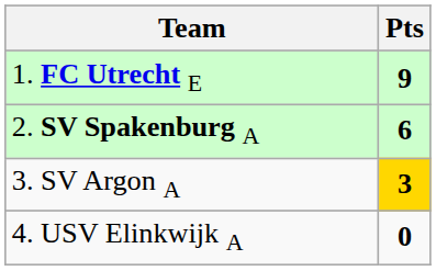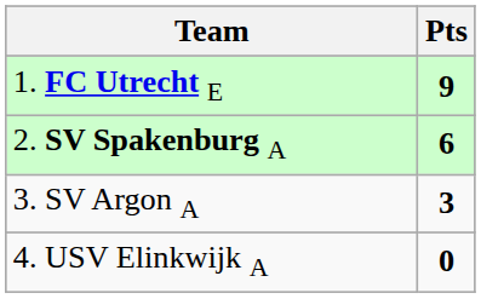 <table class="wikitable" style="text-align:center; float:left; margin-right:1em">
 <tr>
 <th style="width:200px">Team</th>
 <th width=20>Pts</th>
 </tr>
 <tr bgcolor=ccffcc>
 <td align=left>1. <strong><a href='#'>FC Utrecht</a></strong> <sub>E</sub></td>
 <td><strong>9</strong></td>
 </tr>
 <tr bgcolor=ccffcc>
 <td align=left>2. <strong>SV Spakenburg</strong> <sub>A</sub></td>
 <td><strong>6</strong></td>
 </tr>
 <tr>
 <td align=left>3. SV Argon <sub>A</sub></td>
-<td style="background: gold;"><strong>3</strong></td>
+<td><strong>3</strong></td>
 </tr>
 <tr>
 <td align=left>4. USV Elinkwijk <sub>A</sub></td>
 <td><strong>0</strong></td>
 </tr>
 </table>
